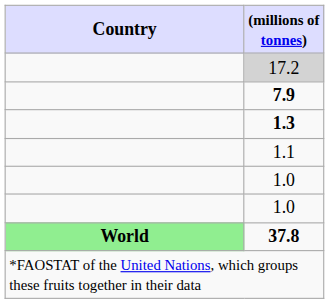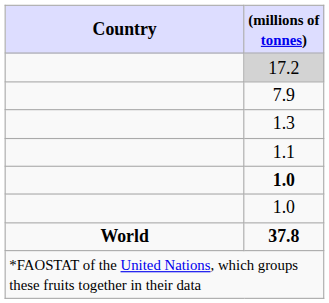 <table class="wikitable"  style="float:right; clear:left; width:18em; text-align:center;">
 <tr>
 <th style="background:#ddf; width:75%;">Country</th>
 <th style="background:#ddf; width:25%;"><small>(millions of <a href='#'>tonnes</a>)</small></th>
 </tr>
 <tr>
 <td></td>
 <td style="background: lightgrey;">17.2</td>
 </tr>
 <tr>
 <td></td>
-<td><strong>7.9</strong></td>
+<td>7.9</td>
 </tr>
 <tr>
 <td></td>
-<td><strong>1.3</strong></td>
+<td>1.3</td>
 </tr>
 <tr>
 <td></td>
 <td>1.1</td>
 </tr>
 <tr>
 <td></td>
-<td>1.0</td>
+<td><strong>1.0</strong></td>
 </tr>
 <tr>
 <td></td>
 <td>1.0</td>
 </tr>
 <tr>
-<td style="background: lightgreen;"><strong>World</strong></td>
+<td><strong>World</strong></td>
 <td><strong>37.8</strong></td>
 </tr>
 <tr>
 <td colspan=2 style="text-align:left;"><small>*FAOSTAT of the <a href='#'>United Nations</a>, which groups these fruits together in their data</small></td>
 </tr>
 </table>
